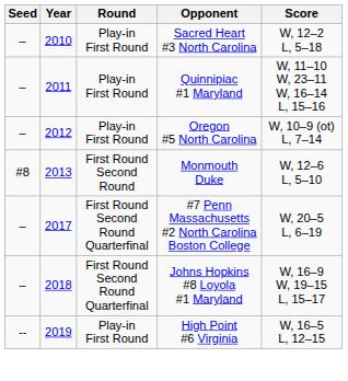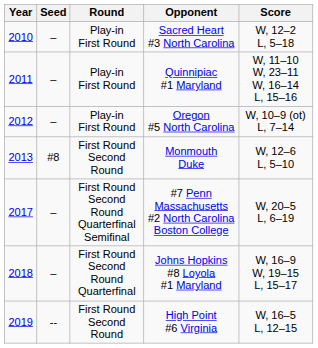 <table class="wikitable">
 <tr>
+<th style="width:40px; ">Year</th>
 <th style="width:40px; ">Seed</th>
-<th style="width:40px; ">Year</th>
 <th style="width:100px; ">Round</th>
 <th style="width:130px; ">Opponent</th>
 <th style="width:100px; ">Score</th>
 </tr>
 <tr align="center">
+<td><a href='#'>2010</a></td>
 <td>–</td>
-<td><a href='#'>2010</a></td>
 <td>Play-in<br>First Round</td>
 <td><a href='#'>Sacred Heart</a><br>#3 <a href='#'>North Carolina</a></td>
 <td>W, 12–2<br>L, 5–18</td>
 </tr>
 <tr align="center">
+<td><a href='#'>2011</a></td>
 <td>–</td>
-<td><a href='#'>2011</a></td>
 <td>Play-in<br>First Round</td>
 <td><a href='#'>Quinnipiac</a><br>#1 <a href='#'>Maryland</a></td>
 <td>W, 11–10<br>W, 23–11<br>W, 16–14<br>L, 15–16</td>
 </tr>
 <tr align="center">
+<td><a href='#'>2012</a></td>
 <td>–</td>
-<td><a href='#'>2012</a></td>
 <td>Play-in<br>First Round</td>
 <td><a href='#'>Oregon</a><br>#5 <a href='#'>North Carolina</a></td>
 <td>W, 10–9 (ot)<br>L, 7–14</td>
 </tr>
 <tr align="center">
+<td><a href='#'>2013</a></td>
 <td>#8</td>
-<td><a href='#'>2013</a></td>
 <td>First Round<br>Second Round</td>
 <td><a href='#'>Monmouth</a><br><a href='#'>Duke</a></td>
 <td>W, 12–6<br>L, 5–10</td>
 </tr>
 <tr align="center">
+<td><a href='#'>2017</a></td>
 <td>–</td>
-<td><a href='#'>2017</a></td>
-<td>First Round<br>Second Round<br>Quarterfinal</td>
+<td>First Round<br>Second Round<br>Quarterfinal<br>Semifinal</td>
 <td>#7 <a href='#'>Penn</a><br><a href='#'>Massachusetts</a><br>#2 <a href='#'>North Carolina</a><br><a href='#'>Boston College</a></td>
 <td>W, 20–5<br>L, 6–19</td>
 </tr>
 <tr align="center">
+<td><a href='#'>2018</a></td>
 <td>–</td>
-<td><a href='#'>2018</a></td>
 <td>First Round<br>Second Round<br>Quarterfinal</td>
 <td><a href='#'>Johns Hopkins</a><br>#8 <a href='#'>Loyola</a><br>#1 <a href='#'>Maryland</a></td>
 <td>W, 16–9<br>W, 19–15<br>L, 15–17</td>
 </tr>
 <tr align="center">
+<td><a href='#'>2019</a></td>
 <td>--</td>
-<td><a href='#'>2019</a></td>
-<td>Play-in<br>First Round</td>
+<td>First Round<br>Second Round</td>
 <td><a href='#'>High Point</a><br>#6 <a href='#'>Virginia</a></td>
 <td>W, 16–5<br>L, 12–15</td>
 </tr>
 </table>
